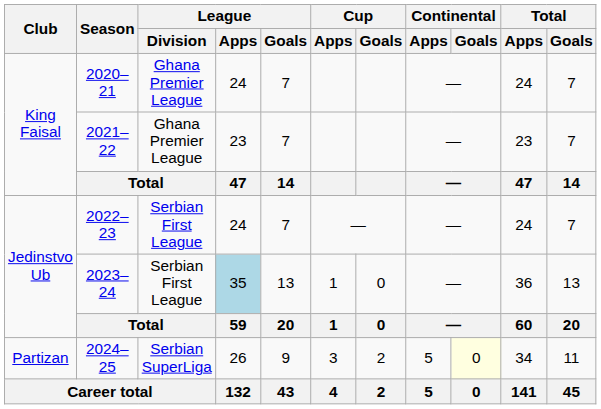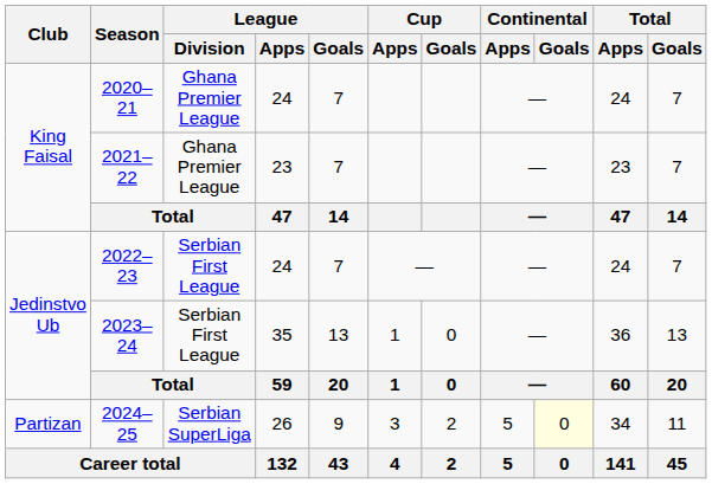 <table class="wikitable" style="text-align:center">
 <tr>
 <th rowspan="2">Club</th>
 <th rowspan="2">Season</th>
 <th colspan="3">League</th>
 <th colspan="2">Cup</th>
 <th colspan="2">Continental</th>
 <th colspan="2">Total</th>
 </tr>
 <tr>
 <th>Division</th>
 <th>Apps</th>
 <th>Goals</th>
 <th>Apps</th>
 <th>Goals</th>
 <th>Apps</th>
 <th>Goals</th>
 <th>Apps</th>
 <th>Goals</th>
 </tr>
 <tr>
 <td rowspan="3"><a href='#'>King Faisal</a></td>
 <td><a href='#'>2020–21</a></td>
 <td><a href='#'>Ghana Premier League</a></td>
 <td>24</td>
 <td>7</td>
 <td></td>
 <td></td>
 <td colspan="2">—</td>
 <td>24</td>
 <td>7</td>
 </tr>
 <tr>
 <td><a href='#'>2021–22</a></td>
 <td>Ghana Premier League</td>
 <td>23</td>
 <td>7</td>
 <td></td>
 <td></td>
 <td colspan="2">—</td>
 <td>23</td>
 <td>7</td>
 </tr>
 <tr>
 <th colspan="2">Total</th>
 <th>47</th>
 <th>14</th>
 <th></th>
 <th></th>
 <th colspan="2">—</th>
 <th>47</th>
 <th>14</th>
 </tr>
 <tr>
 <td rowspan="3"><a href='#'>Jedinstvo Ub</a></td>
 <td><a href='#'>2022–23</a></td>
 <td><a href='#'>Serbian First League</a></td>
 <td>24</td>
 <td>7</td>
 <td colspan="2">—</td>
 <td colspan="2">—</td>
 <td>24</td>
 <td>7</td>
 </tr>
 <tr>
 <td><a href='#'>2023–24</a></td>
 <td>Serbian First League</td>
-<td style="background: lightblue;">35</td>
+<td>35</td>
 <td>13</td>
 <td>1</td>
 <td>0</td>
 <td colspan="2">—</td>
 <td>36</td>
 <td>13</td>
 </tr>
 <tr>
 <th colspan="2">Total</th>
 <th>59</th>
 <th>20</th>
 <th>1</th>
 <th>0</th>
 <th colspan="2">—</th>
 <th>60</th>
 <th>20</th>
 </tr>
 <tr>
 <td><a href='#'>Partizan</a></td>
 <td><a href='#'>2024–25</a></td>
 <td><a href='#'>Serbian SuperLiga</a></td>
 <td>26</td>
 <td>9</td>
 <td>3</td>
 <td>2</td>
 <td>5</td>
 <td style="background: lightyellow;">0</td>
 <td>34</td>
 <td>11</td>
 </tr>
 <tr>
 <th colspan="3">Career total</th>
 <th>132</th>
 <th>43</th>
 <th>4</th>
 <th>2</th>
 <th>5</th>
 <th>0</th>
 <th>141</th>
 <th>45</th>
 </tr>
 </table>
